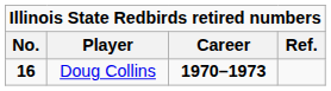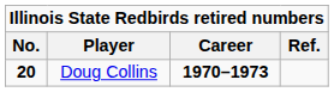 <table class="wikitable sortable" style="text-align:center">
 <tr>
 <td colspan=5><strong>Illinois State Redbirds retired numbers</strong></td>
 </tr>
 <tr>
 <th>No.</th>
 <th>Player</th>
 <th>Career</th>
 <th>Ref.</th>
 </tr>
 <tr>
-<td><strong>16</strong></td>
+<td><strong>20</strong></td>
 <td><a href='#'>Doug Collins</a></td>
 <td><strong>1970–1973</strong></td>
 <td></td>
 </tr>
 </table>
